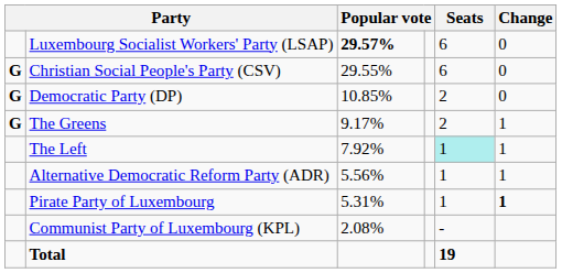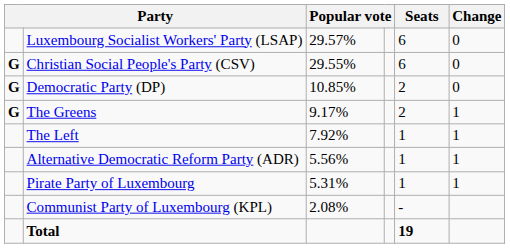 <table class="wikitable">
 <tr>
 <th colspan="2" width="300px">Party</th>
 <th colspan="2">Popular vote</th>
 <th width="50px">Seats</th>
 <th>Change</th>
 </tr>
 <tr>
 <td style="background-color: "></td>
 <td valign="top"><a href='#'>Luxembourg Socialist Workers' Party</a> (LSAP)</td>
-<td><strong>29.57%</strong></td>
+<td>29.57%</td>
 <td></td>
 <td valign="top">6</td>
 <td> 0</td>
 </tr>
 <tr>
 <td style="background-color: "><strong>G</strong></td>
 <td valign="top"><a href='#'>Christian Social People's Party</a> (CSV)</td>
 <td>29.55%</td>
 <td></td>
 <td valign="top">6</td>
 <td> 0</td>
 </tr>
 <tr>
 <td width="5px" style="background-color: "><strong>G</strong></td>
 <td valign="top"><a href='#'>Democratic Party</a> (DP)</td>
 <td>10.85%</td>
 <td></td>
 <td valign="top">2</td>
 <td> 0</td>
 </tr>
 <tr>
 <td style="background-color: "><strong>G</strong></td>
 <td valign="top"><a href='#'>The Greens</a></td>
 <td>9.17%</td>
 <td></td>
 <td valign="top">2</td>
 <td> 1</td>
 </tr>
 <tr>
 <td style="background-color: "></td>
 <td valign="top"><a href='#'>The Left</a></td>
 <td>7.92%</td>
 <td></td>
-<td valign="top" style="background: paleturquoise;">1</td>
+<td valign="top">1</td>
 <td> 1</td>
 </tr>
 <tr>
 <td style="background-color: "></td>
 <td><a href='#'>Alternative Democratic Reform Party</a> (ADR)</td>
 <td>5.56%</td>
 <td></td>
 <td>1</td>
 <td> 1</td>
 </tr>
 <tr>
 <td style="background-color: "></td>
 <td><a href='#'>Pirate Party of Luxembourg</a></td>
 <td>5.31%</td>
 <td></td>
 <td>1</td>
-<td><strong> 1</strong></td>
+<td> 1</td>
 </tr>
 <tr>
 <td style="background-color: "></td>
 <td><a href='#'>Communist Party of Luxembourg</a> (KPL)</td>
 <td>2.08%</td>
 <td></td>
 <td>-</td>
 <td></td>
 </tr>
 <tr>
 <td></td>
 <td valign="top"><strong>Total</strong></td>
 <td></td>
 <td></td>
 <td valign="top"><strong>19</strong></td>
 <td></td>
 </tr>
 </table>
